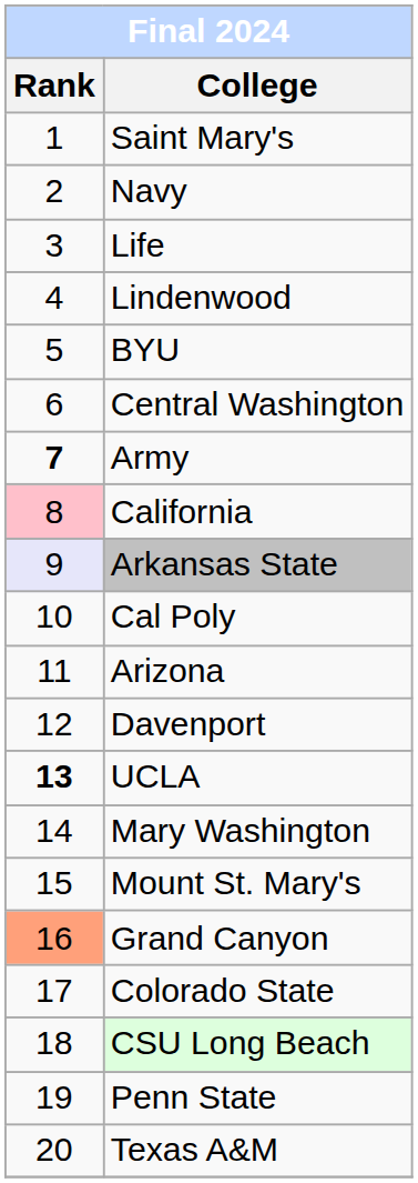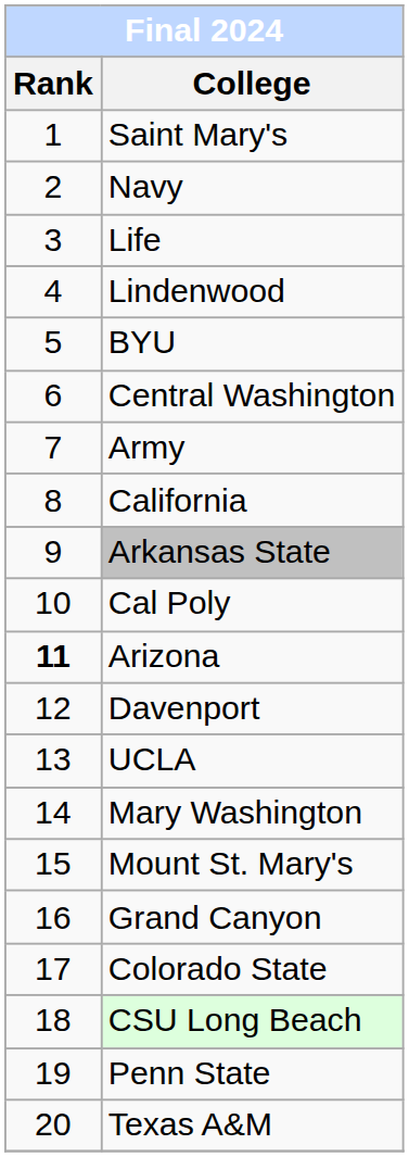 <table class="wikitable sortable collapsible collapsed">
 <tr>
 <th colspan=2 style="background:#BFD7FF; color:white;">Final 2024</th>
 </tr>
 <tr>
 <th>Rank</th>
 <th>College</th>
 </tr>
 <tr>
 <td align="center ">1</td>
 <td>Saint Mary's</td>
 </tr>
 <tr>
 <td align="center ">2</td>
 <td>Navy</td>
 </tr>
 <tr>
 <td align="center ">3</td>
 <td>Life</td>
 </tr>
 <tr>
 <td align="center ">4</td>
 <td>Lindenwood</td>
 </tr>
 <tr>
 <td align="center ">5</td>
 <td>BYU</td>
 </tr>
 <tr>
 <td align="center ">6</td>
 <td>Central Washington</td>
 </tr>
 <tr>
-<td align="center "><strong>7</strong></td>
+<td align="center ">7</td>
 <td>Army</td>
 </tr>
 <tr>
-<td align="center " style="background: pink;">8</td>
+<td align="center ">8</td>
 <td>California</td>
 </tr>
 <tr>
-<td align="center " style="background: lavender;">9</td>
+<td align="center ">9</td>
 <td style="background:silver">Arkansas State</td>
 </tr>
 <tr>
 <td align="center ">10</td>
 <td>Cal Poly</td>
 </tr>
 <tr>
-<td align="center ">11</td>
+<td align="center "><strong>11</strong></td>
 <td>Arizona</td>
 </tr>
 <tr>
 <td align="center ">12</td>
 <td>Davenport</td>
 </tr>
 <tr>
-<td align="center "><strong>13</strong></td>
+<td align="center ">13</td>
 <td>UCLA</td>
 </tr>
 <tr>
 <td align="center ">14</td>
 <td>Mary Washington</td>
 </tr>
 <tr>
 <td align="center ">15</td>
 <td>Mount St. Mary's</td>
 </tr>
 <tr>
-<td align="center " style="background: lightsalmon;">16</td>
+<td align="center ">16</td>
 <td>Grand Canyon</td>
 </tr>
 <tr>
 <td align="center ">17</td>
 <td>Colorado State</td>
 </tr>
 <tr>
 <td align="center ">18</td>
 <td style="background:#dfd;">CSU Long Beach</td>
 </tr>
 <tr>
 <td align="center ">19</td>
 <td>Penn State</td>
 </tr>
 <tr>
 <td align="center ">20</td>
 <td>Texas A&M</td>
 </tr>
 <tr>
 </tr>
 </table>
